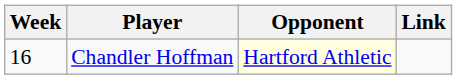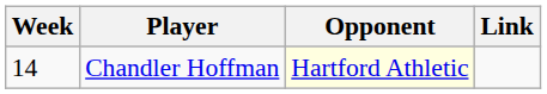 <table class=wikitable style="display:inline-table;">
 <tr>
 <th>Week</th>
 <th>Player</th>
 <th>Opponent</th>
 <th>Link</th>
 </tr>
 <tr>
-<td>16</td>
+<td>14</td>
 <td> <a href='#'>Chandler Hoffman</a></td>
 <td style="background: lightyellow;"><a href='#'>Hartford Athletic</a></td>
 <td></td>
 </tr>
 </table>
